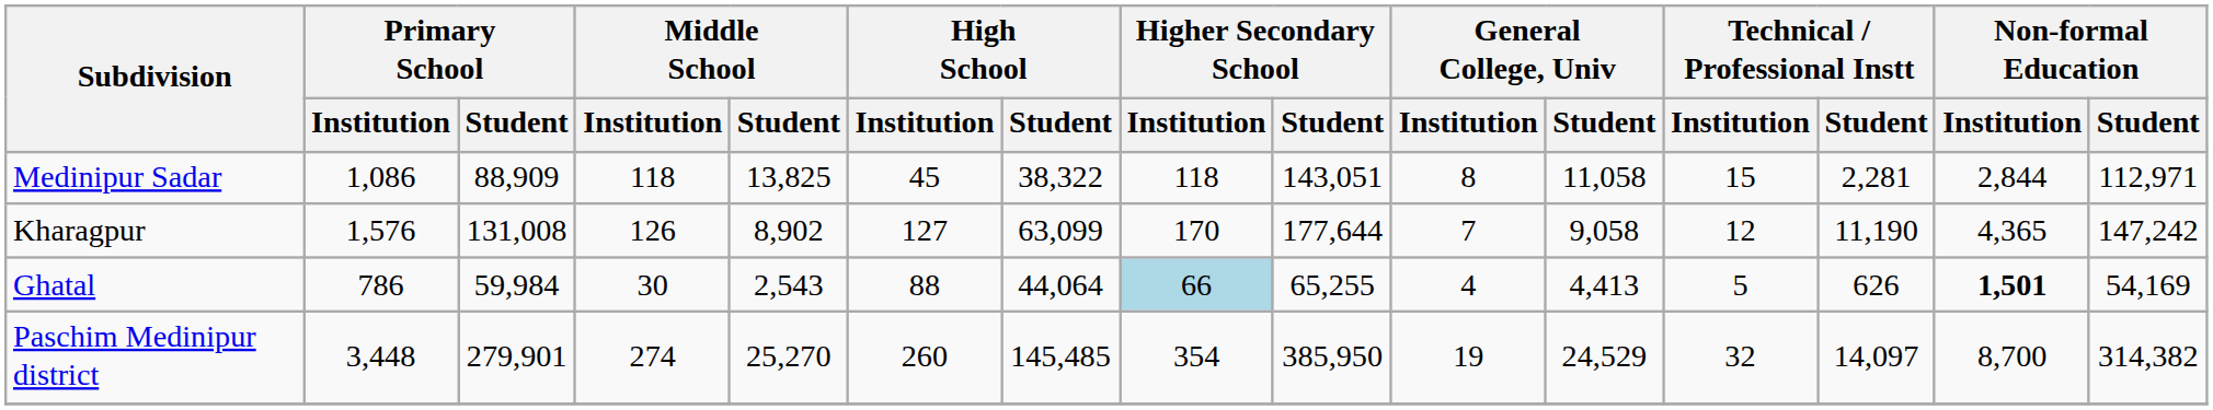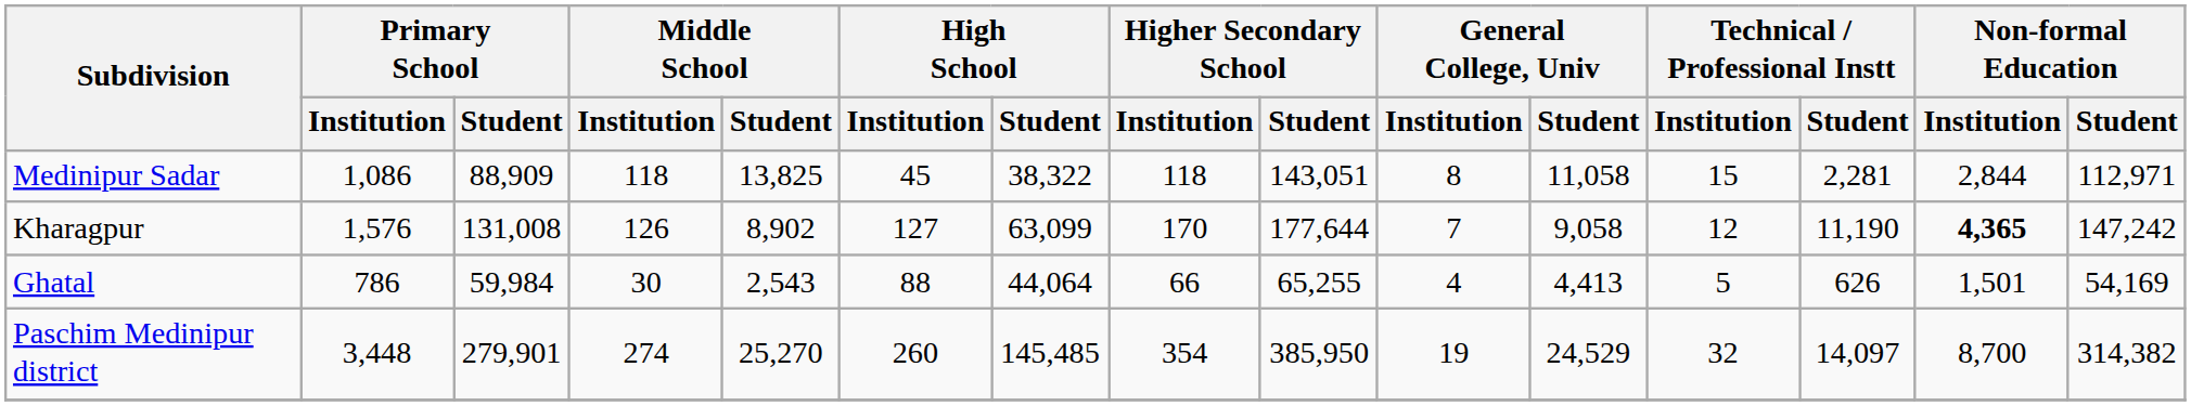 <table class="wikitable" style="text-align:center;font-size: 9pt">
 <tr>
 <th width="110" rowspan="2">Subdivision</th>
 <th colspan="2">Primary<br>School</th>
 <th colspan="2">Middle<br>School</th>
 <th colspan="2">High<br>School</th>
 <th colspan="2">Higher Secondary<br>School</th>
 <th colspan="2">General<br>College, Univ</th>
 <th colspan="2">Technical /<br>Professional Instt</th>
 <th colspan="2">Non-formal<br>Education</th>
 </tr>
 <tr>
 <th width="30">Institution</th>
 <th width="30">Student</th>
 <th width="30">Institution</th>
 <th width="30">Student</th>
 <th width="30">Institution</th>
 <th width="30">Student</th>
 <th width="30">Institution</th>
 <th width="30">Student</th>
 <th width="30">Institution</th>
 <th width="30">Student</th>
 <th width="30">Institution</th>
 <th width="30">Student</th>
 <th width="30">Institution</th>
 <th width="30">Student<br></th>
 </tr>
 <tr>
 <td align=left><a href='#'>Medinipur Sadar</a></td>
 <td align="center">1,086</td>
 <td align="center">88,909</td>
 <td align="center">118</td>
 <td align="center">13,825</td>
 <td align="center">45</td>
 <td align="center">38,322</td>
 <td align="center">118</td>
 <td align="center">143,051</td>
 <td align="center">8</td>
 <td align="center">11,058</td>
 <td align="center">15</td>
 <td align="center">2,281</td>
 <td align="center">2,844</td>
 <td align="center">112,971</td>
 </tr>
 <tr>
 <td align=left>Kharagpur</td>
 <td align="center">1,576</td>
 <td align="center">131,008</td>
 <td align="center">126</td>
 <td align="center">8,902</td>
 <td align="center">127</td>
 <td align="center">63,099</td>
 <td align="center">170</td>
 <td align="center">177,644</td>
 <td align="center">7</td>
 <td align="center">9,058</td>
 <td align="center">12</td>
 <td align="center">11,190</td>
-<td align="center">4,365</td>
+<td align="center"><strong>4,365</strong></td>
 <td align="center">147,242</td>
 </tr>
 <tr>
 <td align=left><a href='#'>Ghatal</a></td>
 <td align="center">786</td>
 <td align="center">59,984</td>
 <td align="center">30</td>
 <td align="center">2,543</td>
 <td align="center">88</td>
 <td align="center">44,064</td>
-<td align="center" style="background: lightblue;">66</td>
+<td align="center">66</td>
 <td align="center">65,255</td>
 <td align="center">4</td>
 <td align="center">4,413</td>
 <td align="center">5</td>
 <td align="center">626</td>
-<td align="center"><strong>1,501</strong></td>
+<td align="center">1,501</td>
 <td align="center">54,169</td>
 </tr>
 <tr>
 <td align=left><a href='#'>Paschim Medinipur district</a></td>
 <td align="center">3,448</td>
 <td align="center">279,901</td>
 <td align="center">274</td>
 <td align="center">25,270</td>
 <td align="center">260</td>
 <td align="center">145,485</td>
 <td align="center">354</td>
 <td align="center">385,950</td>
 <td align="center">19</td>
 <td align="center">24,529</td>
 <td align="center">32</td>
 <td align="center">14,097</td>
 <td align="center">8,700</td>
 <td align="center">314,382</td>
 </tr>
 <tr>
 </tr>
 </table>
